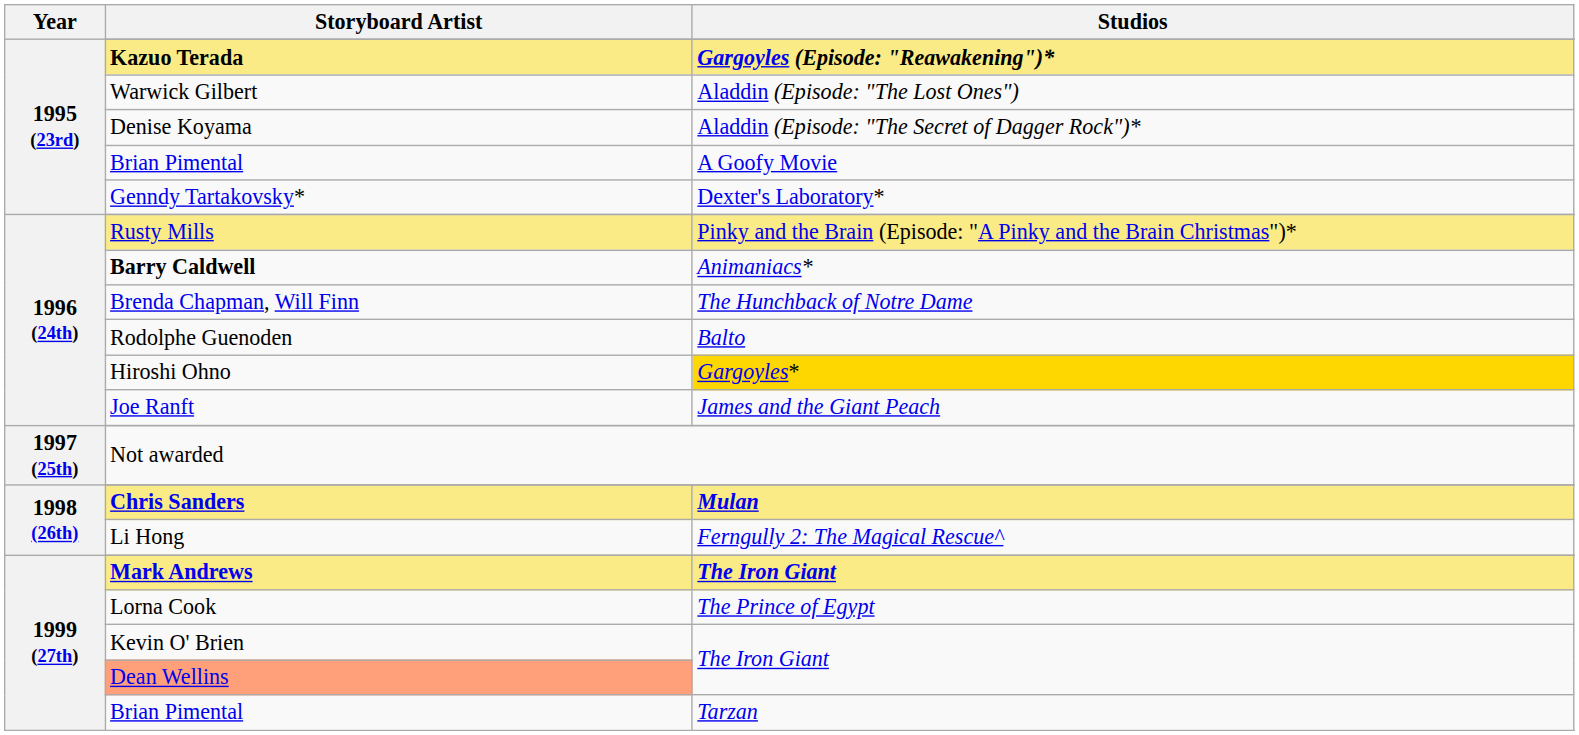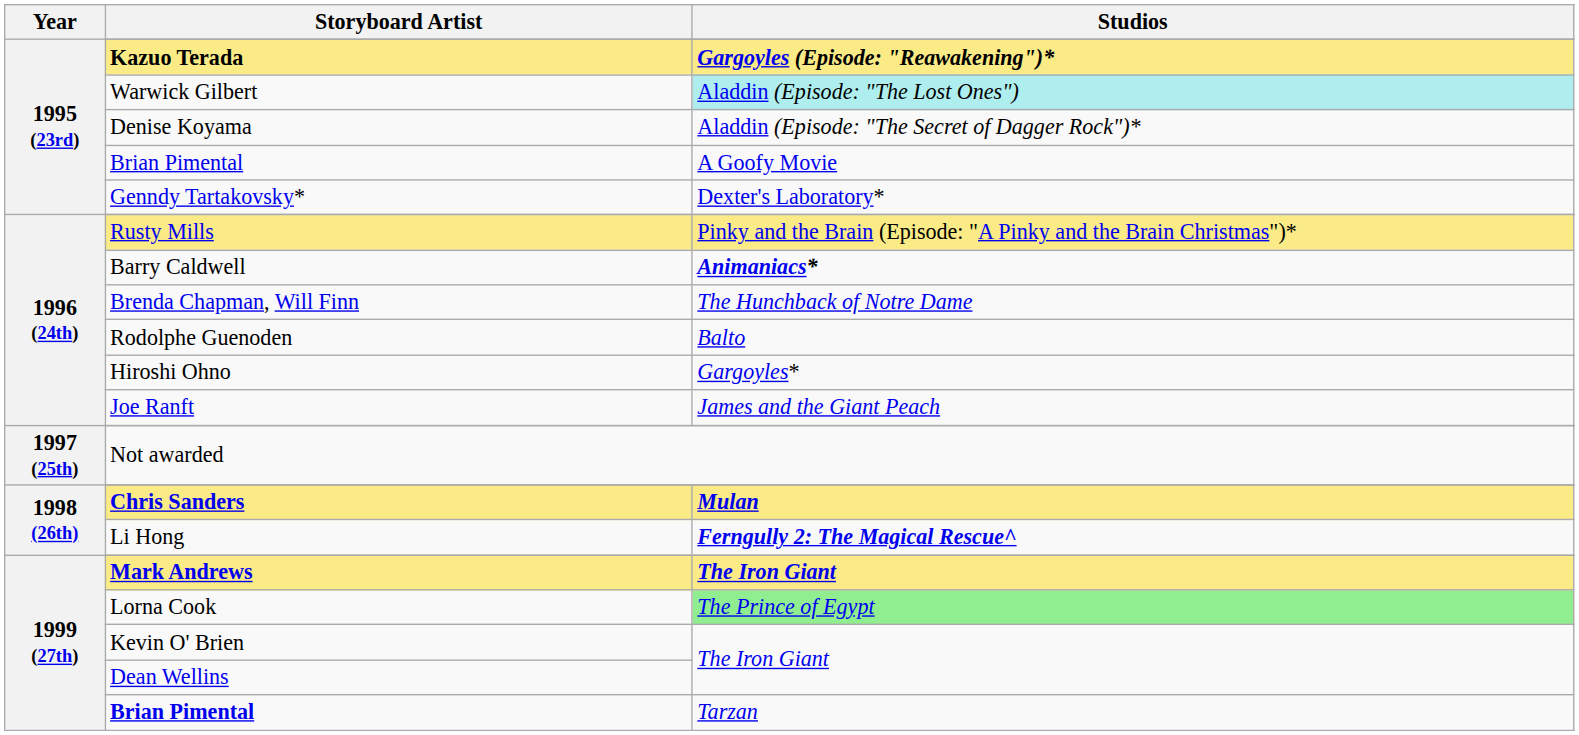 <table class="wikitable" style="width:90%;">
 <tr>
 <th style="width:3%;">Year</th>
 <th style="width:20%;">Storyboard Artist</th>
 <th style="width:30%;">Studios</th>
 </tr>
 <tr>
 <th rowspan="6" style="text-align:center;">1995 <br><small>(<a href='#'>23rd</a>)</small><br></th>
 </tr>
 <tr>
 <td style="background:#FAEB86;"><strong>Kazuo Terada</strong></td>
 <td style="background:#FAEB86;"><strong><em><a href='#'>Gargoyles</a><em> (Episode: "Reawakening")*<strong></td>
 </tr>
 <tr>
 <td>Warwick Gilbert</td>
-<td></em><a href='#'>Aladdin</a><em> (Episode: "The Lost Ones")</td>
+<td style="background: paleturquoise;"></em><a href='#'>Aladdin</a><em> (Episode: "The Lost Ones")</td>
 </tr>
 <tr>
 <td>Denise Koyama</td>
 <td></em><a href='#'>Aladdin</a><em> (Episode: "The Secret of Dagger Rock")*</td>
 </tr>
 <tr>
 <td><a href='#'>Brian Pimental</a></td>
 <td></em><a href='#'>A Goofy Movie</a><em></td>
 </tr>
 <tr>
 <td><a href='#'>Genndy Tartakovsky</a>*</td>
 <td></em><a href='#'>Dexter's Laboratory</a>*<em></td>
 </tr>
 <tr>
 <th rowspan="7" style="text-align:center;">1996 <br><small>(<a href='#'>24th</a>)</small><br></th>
 </tr>
 <tr>
 <td style="background:#FAEB86;"></strong><a href='#'>Rusty Mills</a><strong></td>
 <td style="background:#FAEB86;"></em></strong><a href='#'>Pinky and the Brain</a></em> (Episode: "<a href='#'>A Pinky and the Brain Christmas</a>")*</strong></td>
 </tr>
 <tr>
-<td><strong>Barry Caldwell</strong></td>
-<td><em><a href='#'>Animaniacs</a>*</em></td>
+<td>Barry Caldwell</td>
+<td><strong><em><a href='#'>Animaniacs</a>*</em></strong></td>
 </tr>
 <tr>
 <td><a href='#'>Brenda Chapman</a>, <a href='#'>Will Finn</a></td>
 <td><em><a href='#'>The Hunchback of Notre Dame</a></em></td>
 </tr>
 <tr>
 <td>Rodolphe Guenoden</td>
 <td><a href='#'><em>Balto</em></a></td>
 </tr>
 <tr>
 <td>Hiroshi Ohno</td>
-<td style="background: gold;"><em><a href='#'>Gargoyles</a></em>*</td>
+<td><em><a href='#'>Gargoyles</a></em>*</td>
 </tr>
 <tr>
 <td><a href='#'>Joe Ranft</a></td>
 <td><em><a href='#'>James and the Giant Peach</a></em></td>
 </tr>
 <tr>
 <th rowspan="2" style="text-align:center;">1997 <br><small>(<a href='#'>25th</a>)</small></th>
 </tr>
 <tr>
 <td colspan="2">Not awarded </td>
 </tr>
 <tr>
 <th rowspan="3" style="text-align:center;">1998<br><small><a href='#'>(26th)</a></small><br></th>
 </tr>
 <tr>
 <td style="background:#FAEB86;"><strong><a href='#'>Chris Sanders</a></strong></td>
 <td style="background:#FAEB86;"><strong><em><a href='#'>Mulan</a></em></strong></td>
 </tr>
 <tr>
 <td>Li Hong</td>
-<td><a href='#'><em>Ferngully 2: The Magical Rescue^</em></a></td>
+<td><strong><a href='#'><em>Ferngully 2: The Magical Rescue^</em></a></strong></td>
 </tr>
 <tr>
 <th rowspan="6" style="text-align:center;">1999 <br><small>(<a href='#'>27th</a>)</small><br></th>
 </tr>
 <tr>
 <td style="background:#FAEB86;"><strong><a href='#'>Mark Andrews</a></strong></td>
 <td style="background:#FAEB86;"><strong><em><a href='#'>The Iron Giant</a></em></strong></td>
 </tr>
 <tr>
 <td>Lorna Cook</td>
-<td><em><a href='#'>The Prince of Egypt</a></em></td>
+<td style="background: lightgreen;"><em><a href='#'>The Prince of Egypt</a></em></td>
 </tr>
 <tr>
 <td>Kevin O' Brien</td>
 <td rowspan="2"><em><a href='#'>The Iron Giant</a></em></td>
 </tr>
 <tr>
-<td style="background: lightsalmon;"><a href='#'>Dean Wellins</a></td>
+<td><a href='#'>Dean Wellins</a></td>
 </tr>
 <tr>
-<td><a href='#'>Brian Pimental</a></td>
+<td><strong><a href='#'>Brian Pimental</a></strong></td>
 <td><a href='#'><em>Tarzan</em></a></td>
 </tr>
 <tr>
 </tr>
 </table>
